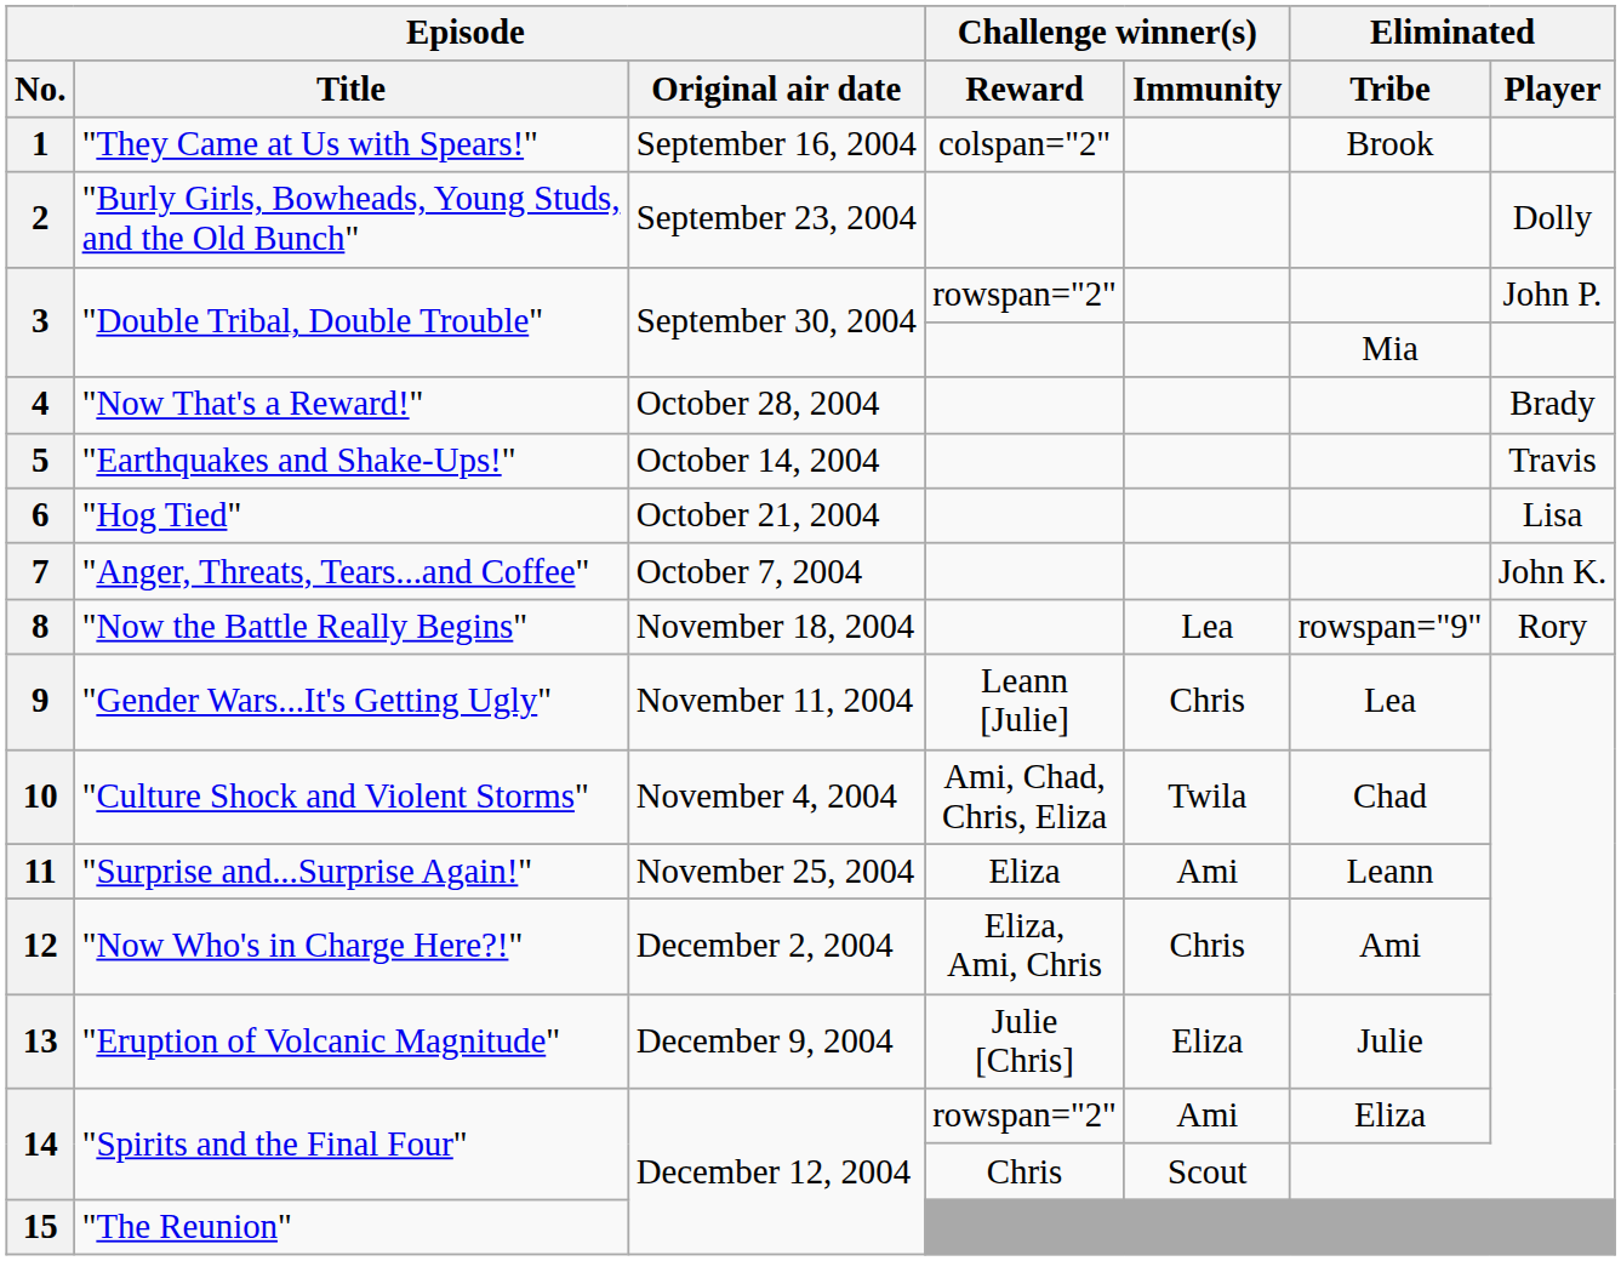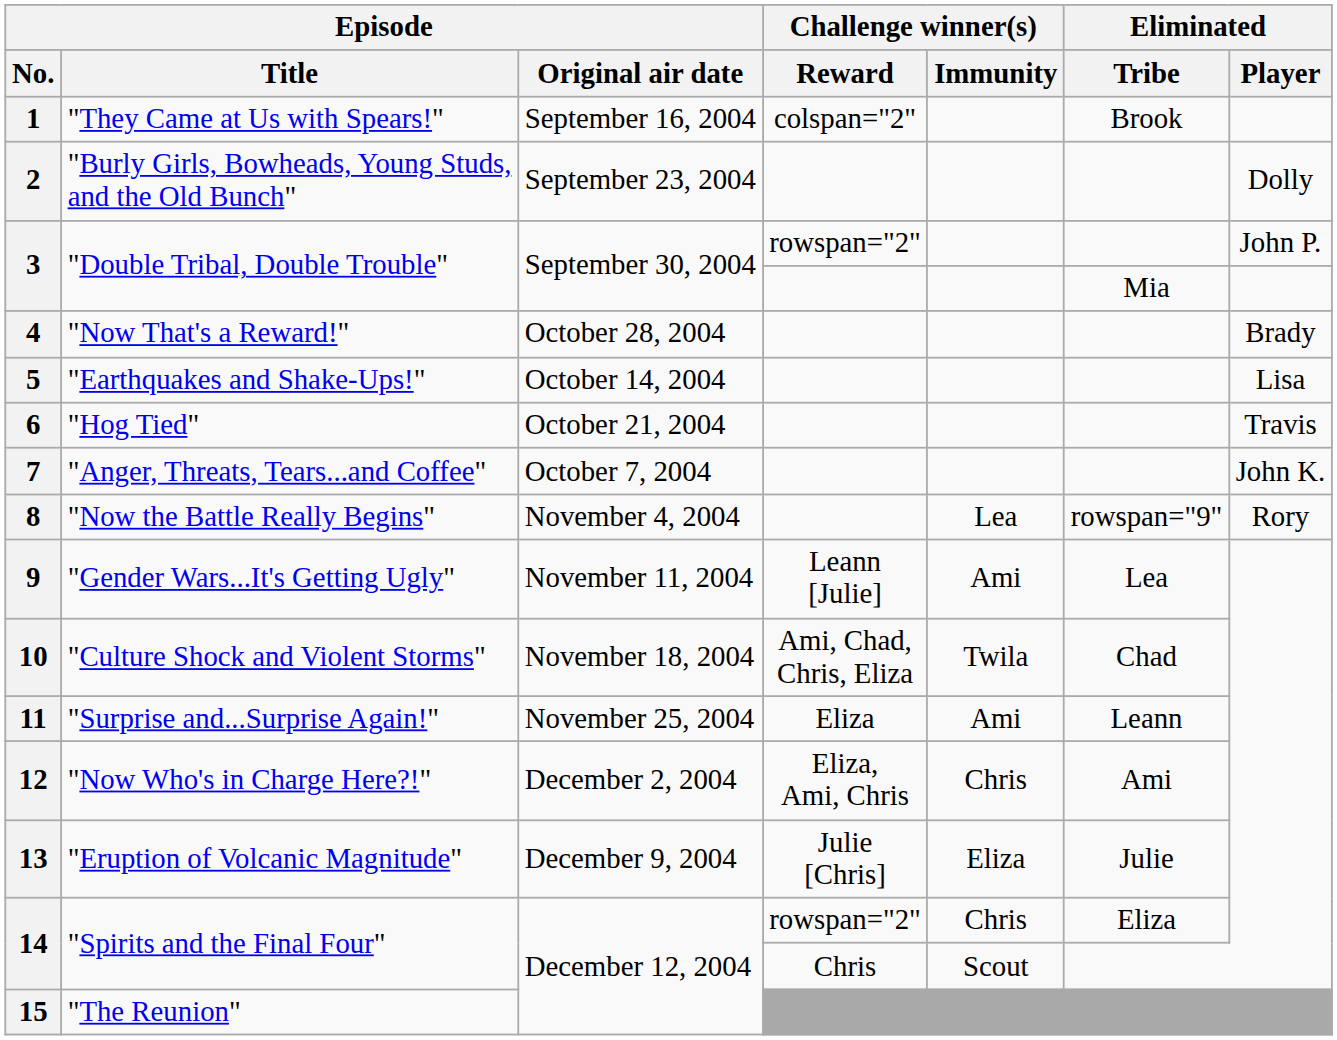 <table class="wikitable nowrap" style="margin:auto; text-align:center">
 <tr>
 <th scope="col" colspan="3">Episode</th>
 <th scope="col" colspan="2">Challenge winner(s)</th>
 <th colspan="2">Eliminated</th>
 </tr>
 <tr>
 <th scope="col">No.</th>
 <th scope="col">Title</th>
 <th scope="col">Original air date</th>
 <th scope="col">Reward</th>
 <th scope="col">Immunity</th>
 <th scope="col">Tribe</th>
 <th scope="col">Player</th>
 </tr>
 <tr>
 <th>1</th>
 <td align="left">"<a href='#'>They Came at Us with Spears!</a>"</td>
 <td align="left">September 16, 2004</td>
 <td>colspan="2" </td>
 <td></td>
 <td>Brook</td>
 </tr>
 <tr>
 <th>2</th>
 <td align="left">"<a href='#'>Burly Girls, Bowheads, Young Studs,<br>and the Old Bunch</a>"</td>
 <td align="left">September 23, 2004</td>
 <td></td>
 <td></td>
 <td></td>
 <td>Dolly</td>
 </tr>
 <tr>
 <th rowspan="2">3</th>
 <td rowspan="2" align="left">"<a href='#'>Double Tribal, Double Trouble</a>"</td>
 <td rowspan="2" align="left">September 30, 2004</td>
 <td>rowspan="2" </td>
 <td></td>
 <td></td>
 <td>John P.</td>
 </tr>
 <tr>
 <td></td>
 <td></td>
 <td>Mia</td>
 </tr>
 <tr>
 <th>4</th>
 <td align="left">"<a href='#'>Now That's a Reward!</a>"</td>
 <td align="left">October 28, 2004</td>
 <td></td>
 <td></td>
 <td></td>
 <td>Brady</td>
 </tr>
 <tr>
 <th>5</th>
 <td align="left">"<a href='#'>Earthquakes and Shake-Ups!</a>"</td>
 <td align="left">October 14, 2004</td>
 <td></td>
 <td></td>
 <td></td>
-<td>Travis</td>
+<td>Lisa</td>
 </tr>
 <tr>
 <th>6</th>
 <td align="left">"<a href='#'>Hog Tied</a>"</td>
 <td align="left">October 21, 2004</td>
 <td></td>
 <td></td>
 <td></td>
-<td>Lisa</td>
+<td>Travis</td>
 </tr>
 <tr>
 <th>7</th>
 <td align="left">"<a href='#'>Anger, Threats, Tears...and Coffee</a>"</td>
 <td align="left">October 7, 2004</td>
 <td></td>
 <td></td>
 <td></td>
 <td>John K.</td>
 </tr>
 <tr>
 <th>8</th>
 <td align="left">"<a href='#'>Now the Battle Really Begins</a>"</td>
-<td align="left">November 18, 2004</td>
+<td align="left">November 4, 2004</td>
 <td></td>
 <td>Lea</td>
 <td>rowspan="9" </td>
 <td>Rory</td>
 </tr>
 <tr>
 <th>9</th>
 <td align="left">"<a href='#'>Gender Wars...It's Getting Ugly</a>"</td>
 <td align="left">November 11, 2004</td>
 <td>Leann<br>[Julie]</td>
-<td>Chris</td>
+<td>Ami</td>
 <td>Lea</td>
 </tr>
 <tr>
 <th>10</th>
 <td align="left">"<a href='#'>Culture Shock and Violent Storms</a>"</td>
-<td align="left">November 4, 2004</td>
+<td align="left">November 18, 2004</td>
 <td>Ami, Chad,<br>Chris, Eliza</td>
 <td>Twila</td>
 <td>Chad</td>
 </tr>
 <tr>
 <th>11</th>
 <td align="left">"<a href='#'>Surprise and...Surprise Again!</a>"</td>
 <td align="left">November 25, 2004</td>
 <td>Eliza</td>
 <td>Ami</td>
 <td>Leann</td>
 </tr>
 <tr>
 <th>12</th>
 <td align="left">"<a href='#'>Now Who's in Charge Here?!</a>"</td>
 <td align="left">December 2, 2004</td>
 <td>Eliza,<br>Ami, Chris</td>
 <td>Chris</td>
 <td>Ami</td>
 </tr>
 <tr>
 <th>13</th>
 <td align="left">"<a href='#'>Eruption of Volcanic Magnitude</a>"</td>
 <td align="left">December 9, 2004</td>
 <td>Julie<br>[Chris]</td>
 <td>Eliza</td>
 <td>Julie</td>
 </tr>
 <tr>
 <th rowspan="2">14</th>
 <td rowspan="2" align="left">"<a href='#'>Spirits and the Final Four</a>"</td>
 <td rowspan="3" align="left">December 12, 2004</td>
 <td>rowspan="2" </td>
-<td>Ami</td>
+<td>Chris</td>
 <td>Eliza</td>
 </tr>
 <tr>
 <td>Chris</td>
 <td>Scout</td>
 </tr>
 <tr>
 <th>15</th>
 <td align="left">"<a href='#'>The Reunion</a>"</td>
 <td colspan="4" bgcolor="darkgray"></td>
 </tr>
 </table>
